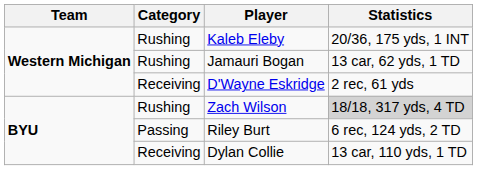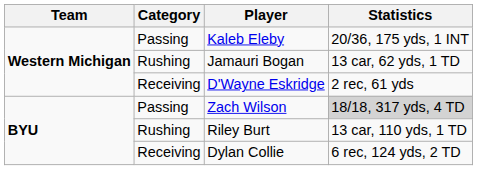 <table class="wikitable">
 <tr>
 <th>Team</th>
 <th>Category</th>
 <th>Player</th>
 <th>Statistics</th>
 </tr>
 <tr>
 <td rowspan=3><strong>Western Michigan</strong></td>
-<td>Rushing</td>
+<td>Passing</td>
 <td><a href='#'>Kaleb Eleby</a></td>
 <td>20/36, 175 yds, 1 INT</td>
 </tr>
 <tr>
 <td>Rushing</td>
 <td>Jamauri Bogan</td>
 <td>13 car, 62 yds, 1 TD</td>
 </tr>
 <tr>
 <td>Receiving</td>
 <td><a href='#'>D'Wayne Eskridge</a></td>
 <td>2 rec, 61 yds</td>
 </tr>
 <tr>
 <td rowspan=3><strong>BYU</strong></td>
-<td>Rushing</td>
+<td>Passing</td>
 <td><a href='#'>Zach Wilson</a></td>
 <td style="background: lightgrey;">18/18, 317 yds, 4 TD</td>
 </tr>
 <tr>
-<td>Passing</td>
+<td>Rushing</td>
 <td>Riley Burt</td>
-<td>6 rec, 124 yds, 2 TD</td>
+<td>13 car, 110 yds, 1 TD</td>
 </tr>
 <tr>
 <td>Receiving</td>
 <td>Dylan Collie</td>
-<td>13 car, 110 yds, 1 TD</td>
+<td>6 rec, 124 yds, 2 TD</td>
 </tr>
 </table>
